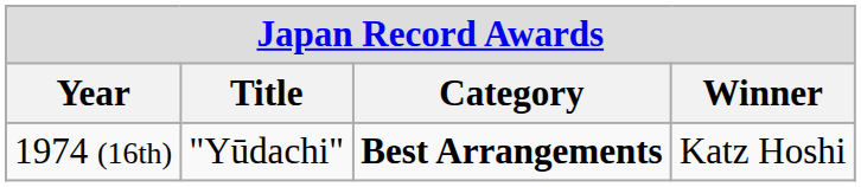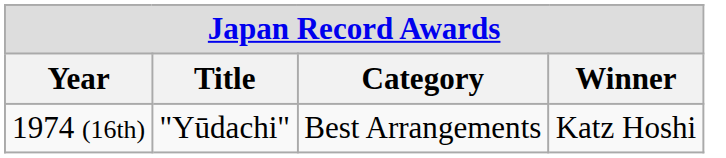 <table class="wikitable">
 <tr>
 <td colspan="4"  style="background:#ddd; text-align:center;"><strong><a href='#'>Japan Record Awards</a></strong></td>
 </tr>
 <tr>
 <th style="text-align:center;">Year</th>
 <th style="text-align:center;">Title</th>
 <th style="text-align:center;">Category</th>
 <th style="text-align:center;">Winner</th>
 </tr>
 <tr>
 <td ! style="text-align:center;">1974 <small>(16th)</small></td>
 <td align="left">"Yūdachi"</td>
-<td align="left"><strong>Best Arrangements</strong></td>
+<td align="left">Best Arrangements</td>
 <td align="left">Katz Hoshi</td>
 </tr>
 </table>
